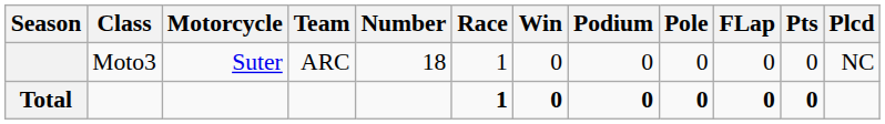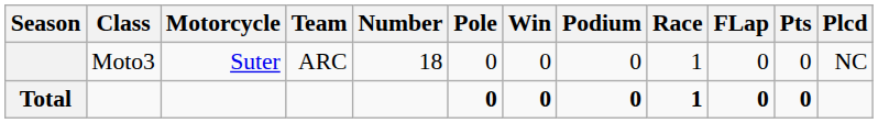 <table class="wikitable" style=text-align:right>
 <tr>
 <th>Season</th>
 <th>Class</th>
 <th>Motorcycle</th>
 <th>Team</th>
 <th>Number</th>
-<th>Race</th>
+<th>Pole</th>
 <th>Win</th>
 <th>Podium</th>
-<th>Pole</th>
+<th>Race</th>
 <th>FLap</th>
 <th>Pts</th>
 <th>Plcd</th>
 </tr>
 <tr>
 <th></th>
 <td>Moto3</td>
 <td><a href='#'>Suter</a></td>
 <td>ARC</td>
 <td>18</td>
-<td>1</td>
 <td>0</td>
 <td>0</td>
 <td>0</td>
+<td>1</td>
 <td>0</td>
 <td>0</td>
 <td>NC</td>
 </tr>
 <tr>
 <th>Total</th>
 <td></td>
 <td></td>
 <td></td>
 <td></td>
-<td><strong>1</strong></td>
 <td><strong>0</strong></td>
 <td><strong>0</strong></td>
 <td><strong>0</strong></td>
+<td><strong>1</strong></td>
 <td><strong>0</strong></td>
 <td><strong>0</strong></td>
 <td></td>
 </tr>
 </table>
